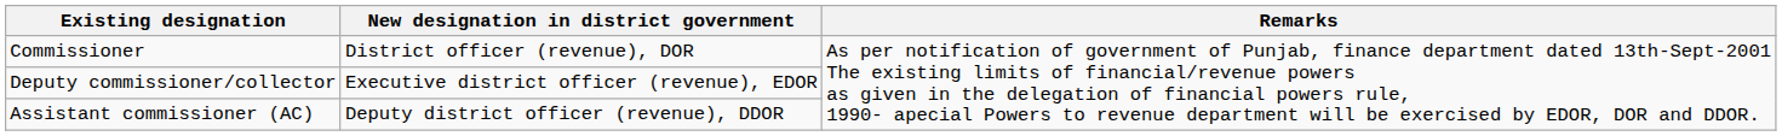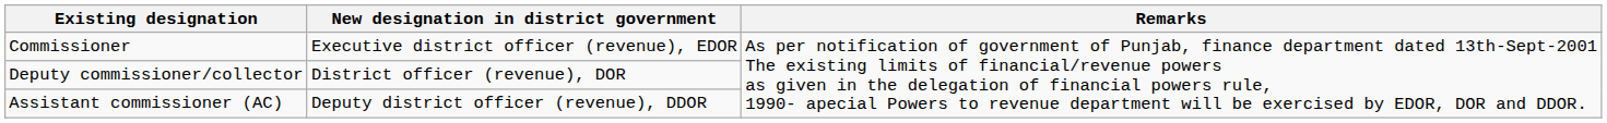 <table class="wikitable">
 <tr>
 <th>Existing designation</th>
 <th>New designation in district government</th>
 <th>Remarks</th>
 </tr>
 <tr>
 <td>Commissioner</td>
-<td>District officer (revenue), DOR</td>
+<td>Executive district officer (revenue), EDOR</td>
 <td rowspan="3">As per notification of government of Punjab, finance department dated 13th-Sept-2001<br>The existing limits of financial/revenue powers<br>as given  in the delegation of financial powers rule,<br>1990- apecial Powers to revenue department will be exercised by EDOR, DOR and DDOR.</td>
 </tr>
 <tr>
 <td>Deputy commissioner/collector</td>
-<td>Executive district officer (revenue), EDOR</td>
+<td>District officer (revenue), DOR</td>
 </tr>
 <tr>
 <td>Assistant commissioner (AC)</td>
 <td>Deputy district officer (revenue), DDOR</td>
 </tr>
 </table>
